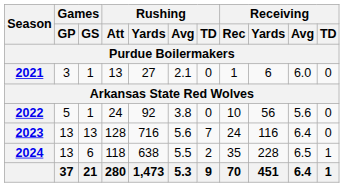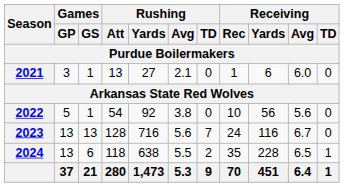 <table class="wikitable" style="text-align:center;">
 <tr>
 <th rowspan="2">Season</th>
 <th colspan="2">Games</th>
 <th colspan="4">Rushing</th>
 <th colspan="4">Receiving</th>
 </tr>
 <tr>
 <th>GP</th>
 <th>GS</th>
 <th>Att</th>
 <th>Yards</th>
 <th>Avg</th>
 <th>TD</th>
 <th>Rec</th>
 <th>Yards</th>
 <th>Avg</th>
 <th>TD</th>
 </tr>
 <tr>
 <th colspan="12">Purdue Boilermakers</th>
 </tr>
 <tr>
 <th><a href='#'>2021</a></th>
 <td>3</td>
 <td>1</td>
 <td>13</td>
 <td>27</td>
 <td>2.1</td>
 <td>0</td>
 <td>1</td>
 <td>6</td>
 <td>6.0</td>
 <td>0</td>
 </tr>
 <tr>
 <th colspan="16">Arkansas State Red Wolves</th>
 </tr>
 <tr>
 <th><a href='#'>2022</a></th>
 <td>5</td>
 <td>1</td>
-<td>24</td>
+<td>54</td>
 <td>92</td>
 <td>3.8</td>
 <td>0</td>
 <td>10</td>
 <td>56</td>
 <td>5.6</td>
 <td>0</td>
 </tr>
 <tr>
 <th><a href='#'>2023</a></th>
 <td>13</td>
 <td>13</td>
 <td>128</td>
 <td>716</td>
 <td>5.6</td>
 <td>7</td>
 <td>24</td>
 <td>116</td>
-<td>6.4</td>
+<td>6.7</td>
 <td>0</td>
 </tr>
 <tr>
 <th><a href='#'>2024</a></th>
 <td>13</td>
 <td>6</td>
 <td>118</td>
 <td>638</td>
 <td>5.5</td>
 <td>2</td>
 <td>35</td>
 <td>228</td>
 <td>6.5</td>
 <td>1</td>
 </tr>
 <tr>
 <th></th>
 <th>37</th>
 <th>21</th>
 <th>280</th>
 <th>1,473</th>
 <th>5.3</th>
 <th>9</th>
 <th>70</th>
 <th>451</th>
 <th>6.4</th>
 <th>1</th>
 </tr>
 </table>
